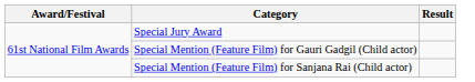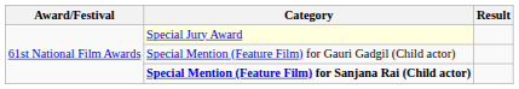 <table class="wikitable sortable">
 <tr>
 <th>Award/Festival</th>
 <th>Category</th>
 <th>Result</th>
 </tr>
 <tr>
 <td rowspan="3"><a href='#'>61st National Film Awards</a></td>
-<td><a href='#'>Special Jury Award</a></td>
+<td style="background: lightyellow;"><a href='#'>Special Jury Award</a></td>
 <td></td>
 </tr>
 <tr>
 <td><a href='#'>Special Mention (Feature Film)</a> for Gauri Gadgil (Child actor)</td>
 <td></td>
 </tr>
 <tr>
-<td><a href='#'>Special Mention (Feature Film)</a> for Sanjana Rai (Child actor)</td>
+<td><strong><a href='#'>Special Mention (Feature Film)</a> for Sanjana Rai (Child actor)</strong></td>
 <td></td>
 </tr>
 </table>
